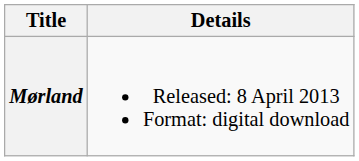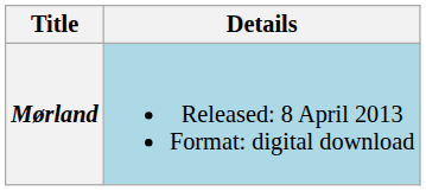 <table class="wikitable plainrowheaders" style="text-align:center;">
 <tr>
 <th scope="col">Title</th>
 <th scope="col">Details</th>
 </tr>
 <tr>
 <th scope="row"><em>Mørland</em></th>
-<td><br><ul><li>Released: 8 April 2013</li><li>Format: digital download</li></ul></td>
+<td style="background: lightblue;"><br><ul><li>Released: 8 April 2013</li><li>Format: digital download</li></ul></td>
 </tr>
 </table>
